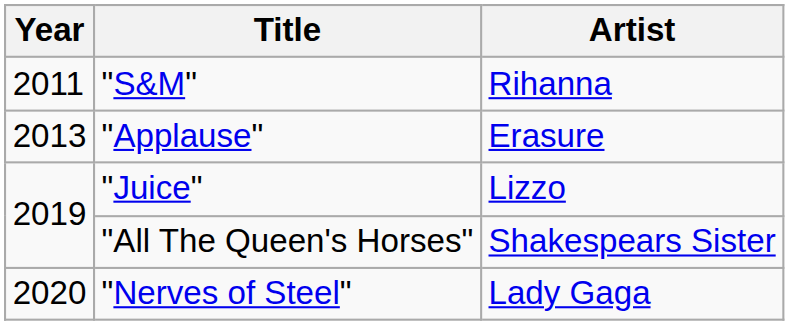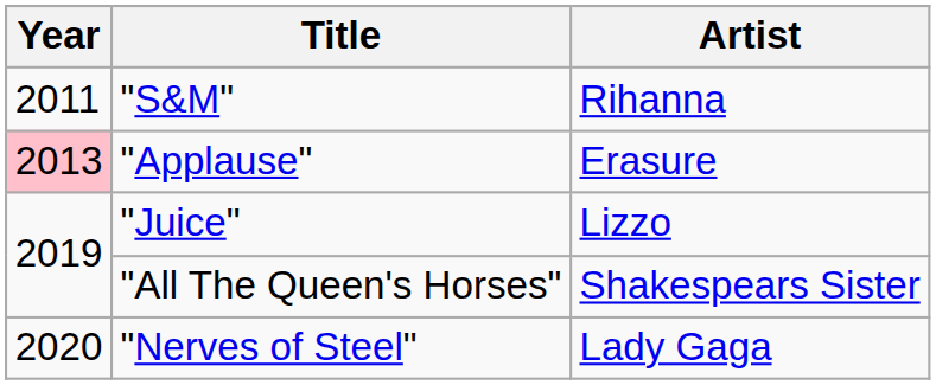 <table class="wikitable plainrowheaders sortable">
 <tr>
 <th scope="col">Year</th>
 <th scope="col">Title</th>
 <th scope="col">Artist</th>
 </tr>
 <tr>
 <td>2011</td>
 <td scope="row">"<a href='#'>S&M</a>"</td>
 <td><a href='#'>Rihanna</a></td>
 </tr>
 <tr>
-<td>2013</td>
+<td style="background: pink;">2013</td>
 <td scope="row">"<a href='#'>Applause</a>"</td>
 <td><a href='#'>Erasure</a></td>
 </tr>
 <tr>
 <td rowspan="2">2019</td>
 <td scope="row">"<a href='#'>Juice</a>"</td>
 <td><a href='#'>Lizzo</a></td>
 </tr>
 <tr>
 <td>"All The Queen's Horses"</td>
 <td><a href='#'>Shakespears Sister</a></td>
 </tr>
 <tr>
 <td>2020</td>
 <td>"<a href='#'>Nerves of Steel</a>"</td>
 <td><a href='#'>Lady Gaga</a></td>
 </tr>
 </table>
